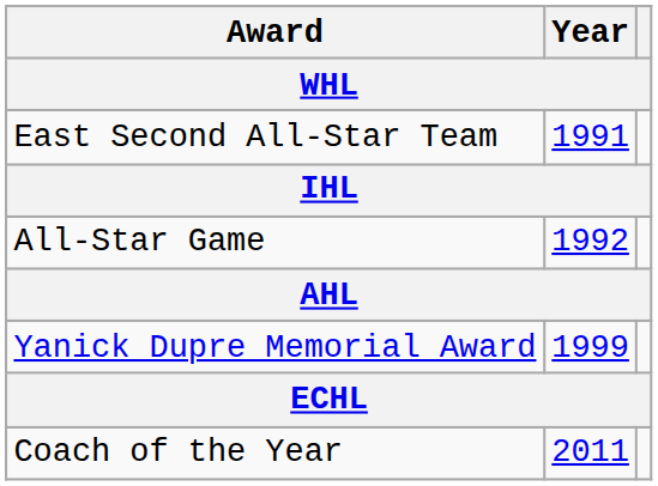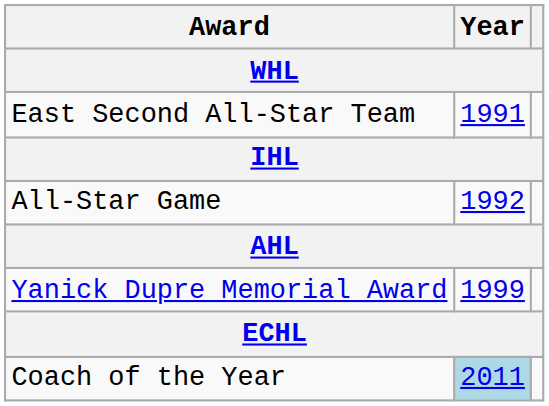 <table class="wikitable">
 <tr>
 <th>Award</th>
 <th>Year</th>
 <th></th>
 </tr>
 <tr>
 <th colspan="3"><a href='#'>WHL</a></th>
 </tr>
 <tr>
 <td>East Second All-Star Team</td>
 <td><a href='#'>1991</a></td>
 <td></td>
 </tr>
 <tr>
 <th colspan="3"><a href='#'>IHL</a></th>
 </tr>
 <tr>
 <td>All-Star Game</td>
 <td><a href='#'>1992</a></td>
 <td></td>
 </tr>
 <tr>
 <th colspan="3"><a href='#'>AHL</a></th>
 </tr>
 <tr>
 <td><a href='#'>Yanick Dupre Memorial Award</a></td>
 <td><a href='#'>1999</a></td>
 <td></td>
 </tr>
 <tr>
 <th colspan="3"><a href='#'>ECHL</a></th>
 </tr>
 <tr>
 <td>Coach of the Year</td>
-<td><a href='#'>2011</a></td>
+<td style="background: lightblue;"><a href='#'>2011</a></td>
 <td></td>
 </tr>
 </table>
